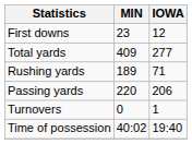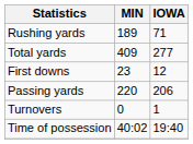 <table class="wikitable">
 <tr>
 <th>Statistics</th>
 <th>MIN</th>
 <th>IOWA</th>
 </tr>
 <tr>
-<td>First downs</td>
-<td>23</td>
-<td>12</td>
+<td>Rushing yards</td>
+<td>189</td>
+<td>71</td>
 </tr>
 <tr>
 <td>Total yards</td>
 <td>409</td>
 <td>277</td>
 </tr>
 <tr>
-<td>Rushing yards</td>
-<td>189</td>
-<td>71</td>
+<td>First downs</td>
+<td>23</td>
+<td>12</td>
 </tr>
 <tr>
 <td>Passing yards</td>
 <td>220</td>
 <td>206</td>
 </tr>
 <tr>
 <td>Turnovers</td>
 <td>0</td>
 <td>1</td>
 </tr>
 <tr>
 <td>Time of possession</td>
 <td>40:02</td>
 <td>19:40</td>
 </tr>
 <tr>
 </tr>
 </table>
